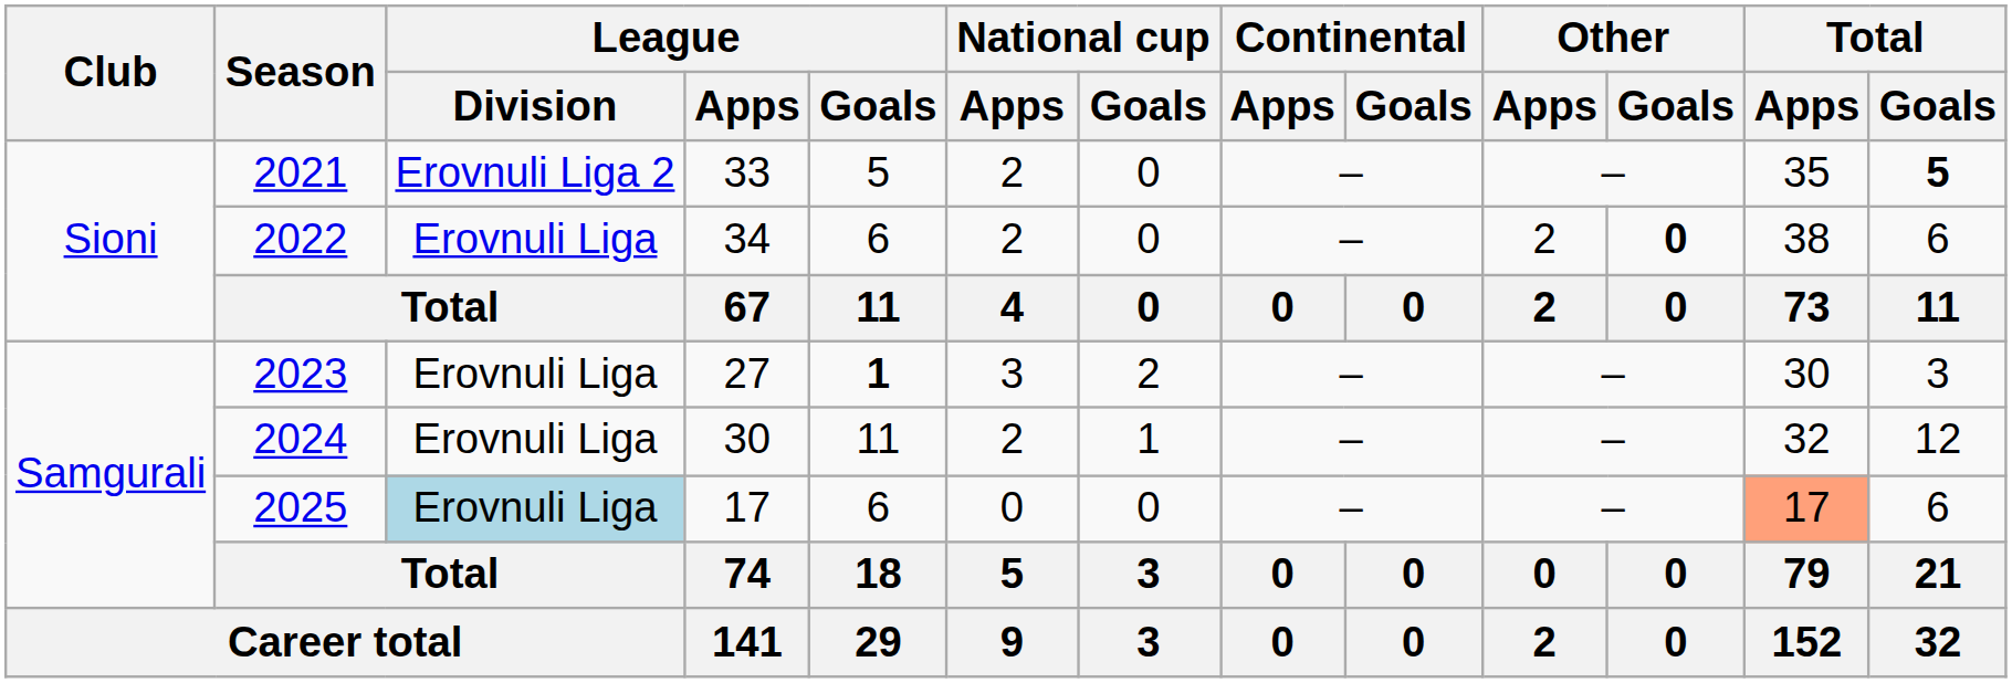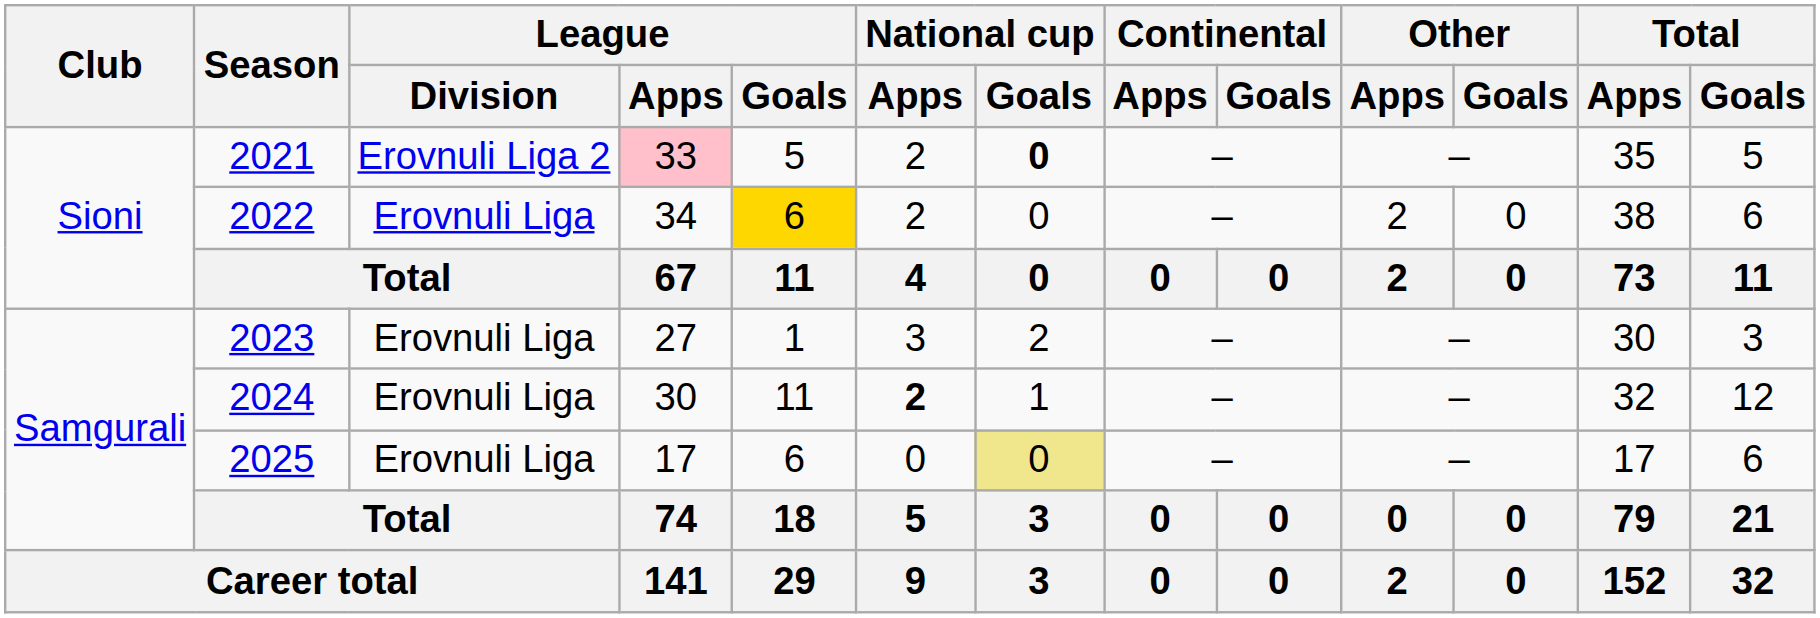 <table class="wikitable" style="text-align:center">
 <tr>
 <th rowspan="2">Club</th>
 <th rowspan="2">Season</th>
 <th colspan="3">League</th>
 <th colspan="2">National cup</th>
 <th colspan="2">Continental</th>
 <th colspan="2">Other</th>
 <th colspan="2">Total</th>
 </tr>
 <tr>
 <th>Division</th>
 <th>Apps</th>
 <th>Goals</th>
 <th>Apps</th>
 <th>Goals</th>
 <th>Apps</th>
 <th>Goals</th>
 <th>Apps</th>
 <th>Goals</th>
 <th>Apps</th>
 <th>Goals</th>
 </tr>
 <tr>
 <td rowspan="3"><a href='#'>Sioni</a></td>
 <td><a href='#'>2021</a></td>
 <td><a href='#'>Erovnuli Liga 2</a></td>
-<td>33</td>
+<td style="background: pink;">33</td>
 <td>5</td>
 <td>2</td>
-<td>0</td>
+<td><strong>0</strong></td>
 <td colspan="2">–</td>
 <td colspan="2">–</td>
 <td>35</td>
-<td><strong>5</strong></td>
+<td>5</td>
 </tr>
 <tr>
 <td><a href='#'>2022</a></td>
 <td><a href='#'>Erovnuli Liga</a></td>
 <td>34</td>
-<td>6</td>
+<td style="background: gold;">6</td>
 <td>2</td>
 <td>0</td>
 <td colspan="2">–</td>
 <td>2</td>
-<td><strong>0</strong></td>
+<td>0</td>
 <td>38</td>
 <td>6</td>
 </tr>
 <tr>
 <th colspan="2">Total</th>
 <th>67</th>
 <th>11</th>
 <th>4</th>
 <th>0</th>
 <th>0</th>
 <th>0</th>
 <th>2</th>
 <th>0</th>
 <th>73</th>
 <th>11</th>
 </tr>
 <tr>
 <td rowspan="4"><a href='#'>Samgurali</a></td>
 <td><a href='#'>2023</a></td>
 <td>Erovnuli Liga</td>
 <td>27</td>
-<td><strong>1</strong></td>
+<td>1</td>
 <td>3</td>
 <td>2</td>
 <td colspan="2">–</td>
 <td colspan="2">–</td>
 <td>30</td>
 <td>3</td>
 </tr>
 <tr>
 <td><a href='#'>2024</a></td>
 <td>Erovnuli Liga</td>
 <td>30</td>
 <td>11</td>
-<td>2</td>
+<td><strong>2</strong></td>
 <td>1</td>
 <td colspan="2">–</td>
 <td colspan="2">–</td>
 <td>32</td>
 <td>12</td>
 </tr>
 <tr>
 <td><a href='#'>2025</a></td>
-<td style="background: lightblue;">Erovnuli Liga</td>
+<td>Erovnuli Liga</td>
 <td>17</td>
 <td>6</td>
 <td>0</td>
-<td>0</td>
+<td style="background: khaki;">0</td>
 <td colspan="2">–</td>
 <td colspan="2">–</td>
-<td style="background: lightsalmon;">17</td>
+<td>17</td>
 <td>6</td>
 </tr>
 <tr>
 <th colspan="2">Total</th>
 <th>74</th>
 <th>18</th>
 <th>5</th>
 <th>3</th>
 <th>0</th>
 <th>0</th>
 <th>0</th>
 <th>0</th>
 <th>79</th>
 <th>21</th>
 </tr>
 <tr>
 <th colspan="3">Career total</th>
 <th>141</th>
 <th>29</th>
 <th>9</th>
 <th>3</th>
 <th>0</th>
 <th>0</th>
 <th>2</th>
 <th>0</th>
 <th>152</th>
 <th>32</th>
 </tr>
 </table>
